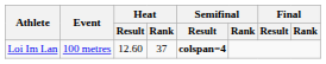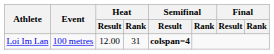 <table class="wikitable" style="font-size:90%">
 <tr>
 <th rowspan="2">Athlete</th>
 <th rowspan="2">Event</th>
 <th colspan="2">Heat</th>
 <th colspan="2">Semifinal</th>
 <th colspan="2">Final</th>
 </tr>
 <tr style="font-size:95%">
 <th>Result</th>
 <th>Rank</th>
 <th>Result</th>
 <th>Rank</th>
 <th>Result</th>
 <th>Rank</th>
 </tr>
 <tr style=text-align:center>
 <td style=text-align:left><a href='#'>Loi Im Lan</a></td>
 <td style=text-align:left><a href='#'>100 metres</a></td>
-<td>12.60</td>
-<td>37</td>
+<td>12.00</td>
+<td>31</td>
 <td><strong>colspan=4 </strong></td>
 </tr>
 </table>
